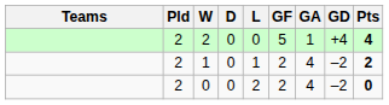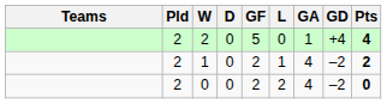 <table class="wikitable" style="text-align: center;">
 <tr>
 <th width=165>Teams</th>
 <th width=20>Pld</th>
 <th width=20>W</th>
 <th width=20>D</th>
+<th width=20>GF</th>
 <th width=20>L</th>
-<th width=20>GF</th>
 <th width=20>GA</th>
 <th width=20>GD</th>
 <th width=20>Pts</th>
 </tr>
 <tr align=center style="background:#ccffcc;">
 <td style="text-align:left;"></td>
 <td>2</td>
 <td>2</td>
 <td>0</td>
+<td>5</td>
 <td>0</td>
-<td>5</td>
 <td>1</td>
 <td>+4</td>
 <td><strong>4</strong></td>
 </tr>
 <tr align=center>
 <td style="text-align:left;"></td>
 <td>2</td>
 <td>1</td>
 <td>0</td>
+<td>2</td>
 <td>1</td>
-<td>2</td>
 <td>4</td>
 <td>–2</td>
 <td><strong>2</strong></td>
 </tr>
 <tr align=center>
 <td style="text-align:left;"></td>
 <td>2</td>
 <td>0</td>
 <td>0</td>
 <td>2</td>
 <td>2</td>
 <td>4</td>
 <td>–2</td>
 <td><strong>0</strong></td>
 </tr>
 </table>
